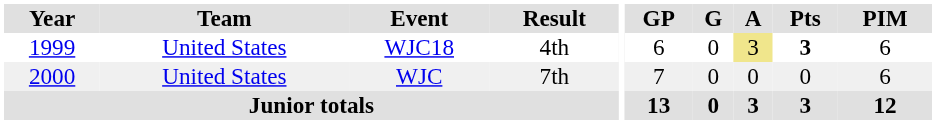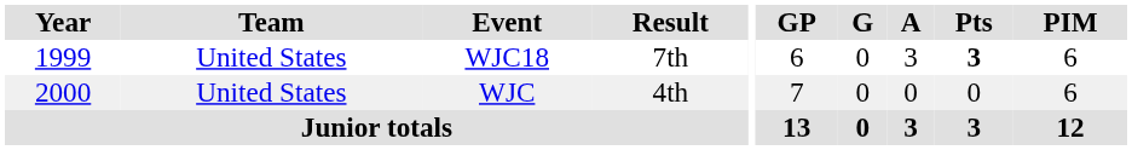 <table border=0 cellpadding=1 cellspacing=0 ID="Table3" style="text-align:center; width:40em">
 <tr ALIGN=center bgcolor="#e0e0e0">
 <th>Year</th>
 <th>Team</th>
 <th>Event</th>
 <th>Result</th>
 <th rowspan=99 bgcolor="#ffffff"></th>
 <th>GP</th>
 <th>G</th>
 <th>A</th>
 <th>Pts</th>
 <th>PIM</th>
 </tr>
 <tr>
 <td><a href='#'>1999</a></td>
 <td><a href='#'>United States</a></td>
 <td><a href='#'>WJC18</a></td>
-<td>4th</td>
+<td>7th</td>
 <td>6</td>
 <td>0</td>
-<td style="background: khaki;">3</td>
+<td>3</td>
 <td><strong>3</strong></td>
 <td>6</td>
 </tr>
 <tr bgcolor="#f0f0f0">
 <td><a href='#'>2000</a></td>
 <td><a href='#'>United States</a></td>
 <td><a href='#'>WJC</a></td>
-<td>7th</td>
+<td>4th</td>
 <td>7</td>
 <td>0</td>
 <td>0</td>
 <td>0</td>
 <td>6</td>
 </tr>
 <tr bgcolor="#e0e0e0">
 <th colspan=4>Junior totals</th>
 <th>13</th>
 <th>0</th>
 <th>3</th>
 <th>3</th>
 <th>12</th>
 </tr>
 </table>
